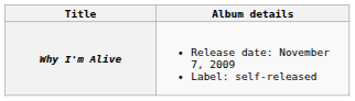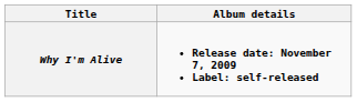 <table class="wikitable plainrowheaders">
 <tr>
 <th style="width:14em;">Title</th>
 <th style="width:18em;">Album details</th>
 </tr>
 <tr>
 <th scope="row"><em>Why I'm Alive</em></th>
-<td><br><ul><li>Release date: November 7, 2009</li><li>Label: self-released</li></ul></td>
+<td><strong><br><ul><li>Release date: November 7, 2009</li><li>Label: self-released</li></ul></strong></td>
 </tr>
 </table>
